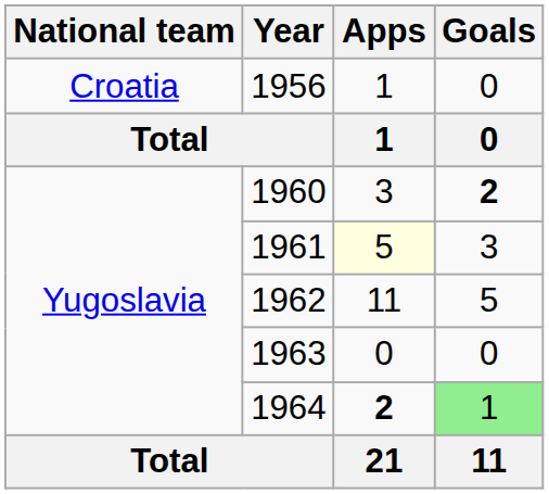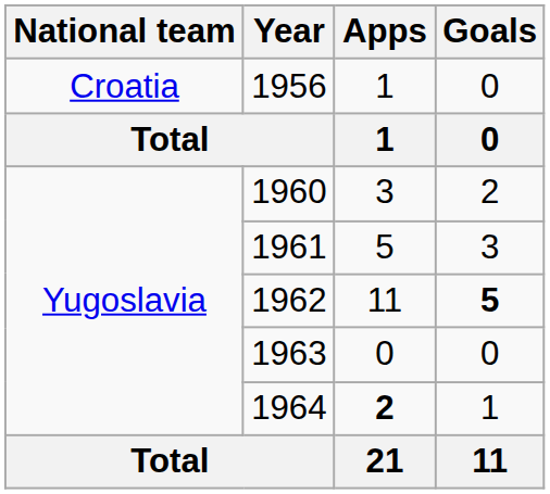 <table class="wikitable" style="text-align:center">
 <tr>
 <th>National team</th>
 <th>Year</th>
 <th>Apps</th>
 <th>Goals</th>
 </tr>
 <tr>
 <td><a href='#'>Croatia</a></td>
 <td>1956</td>
 <td>1</td>
 <td>0</td>
 </tr>
 <tr>
 <th colspan="2">Total</th>
 <th>1</th>
 <th>0</th>
 </tr>
 <tr>
 <td rowspan="5"><a href='#'>Yugoslavia</a></td>
 <td>1960</td>
 <td>3</td>
-<td><strong>2</strong></td>
+<td>2</td>
 </tr>
 <tr>
 <td>1961</td>
-<td style="background: lightyellow;">5</td>
+<td>5</td>
 <td>3</td>
 </tr>
 <tr>
 <td>1962</td>
 <td>11</td>
-<td>5</td>
+<td><strong>5</strong></td>
 </tr>
 <tr>
 <td>1963</td>
 <td>0</td>
 <td>0</td>
 </tr>
 <tr>
 <td>1964</td>
 <td><strong>2</strong></td>
-<td style="background: lightgreen;">1</td>
+<td>1</td>
 </tr>
 <tr>
 <th colspan="2">Total</th>
 <th>21</th>
 <th>11</th>
 </tr>
 </table>
